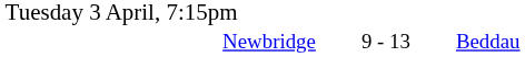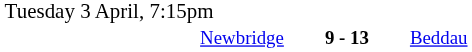 <table style="width:70%;" cellspacing="1">
 <tr>
 <th width=35%></th>
 <th width=15%></th>
 <th></th>
 </tr>
 <tr>
 <td>Tuesday 3 April, 7:15pm</td>
 </tr>
 <tr style=font-size:90%>
 <td align=right><a href='#'>Newbridge</a></td>
-<td align=center>9 - 13</td>
+<td align=center><strong>9 - 13</strong></td>
 <td><a href='#'>Beddau</a></td>
 </tr>
 </table>
